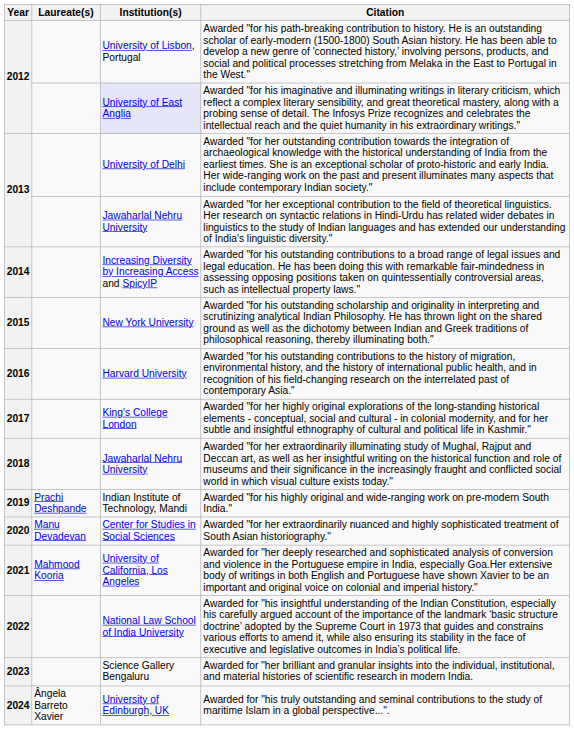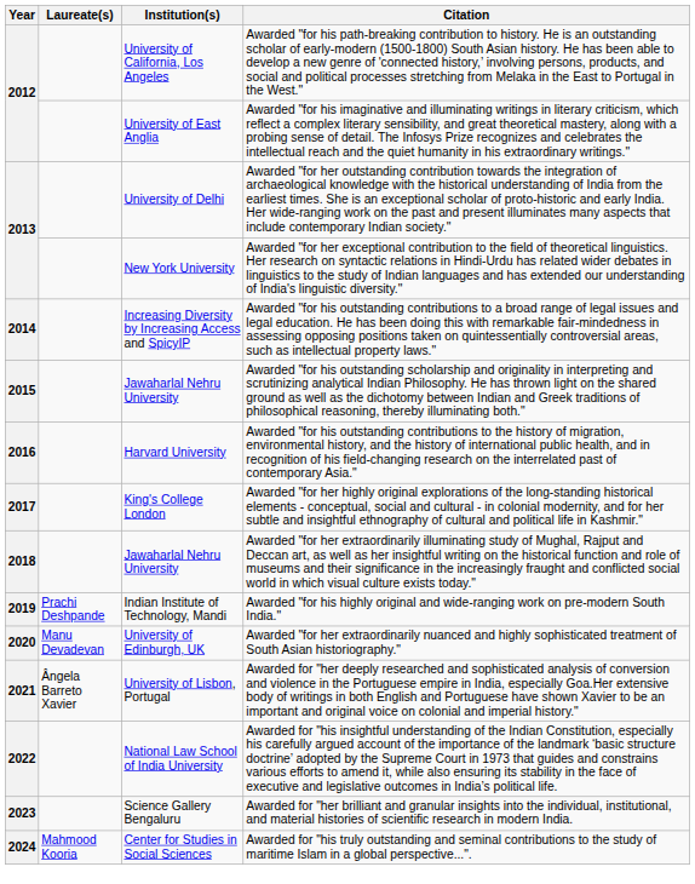 <table style="margin:auto;"  class="wikitable sortable plainrowheaders">
 <tr>
 <th scope=col>Year</th>
 <th scope=col>Laureate(s)</th>
 <th scope=col>Institution(s)</th>
 <th scope=col class=unsortable>Citation</th>
 </tr>
 <tr>
 <th scope=row rowspan="2">2012</th>
 <td></td>
-<td><a href='#'>University of Lisbon</a>, Portugal</td>
+<td><a href='#'>University of California, Los Angeles</a></td>
 <td>Awarded "for his path-breaking contribution to history. He is an outstanding scholar of early-modern (1500-1800) South Asian history. He has been able to develop a new genre of 'connected history,’ involving persons, products, and social and political processes stretching from Melaka in the East to Portugal in the West."</td>
 </tr>
 <tr>
 <td></td>
-<td style="background: lavender;"><a href='#'>University of East Anglia</a></td>
+<td><a href='#'>University of East Anglia</a></td>
 <td>Awarded "for his imaginative and illuminating writings in literary criticism, which reflect a complex literary sensibility, and great theoretical mastery, along with a probing sense of detail. The Infosys Prize recognizes and celebrates the intellectual reach and the quiet humanity in his extraordinary writings."</td>
 </tr>
 <tr>
 <th scope=row rowspan="2">2013</th>
 <td></td>
 <td><a href='#'>University of Delhi</a></td>
 <td>Awarded "for her outstanding contribution towards the integration of archaeological knowledge with the historical understanding of India from the earliest times. She is an exceptional scholar of proto-historic and early India. Her wide-ranging work on the past and present illuminates many aspects that include contemporary Indian society."</td>
 </tr>
 <tr>
 <td></td>
-<td><a href='#'>Jawaharlal Nehru University</a></td>
+<td><a href='#'>New York University</a></td>
 <td>Awarded "for her exceptional contribution to the field of theoretical linguistics. Her research on syntactic relations in Hindi-Urdu has related wider debates in linguistics to the study of Indian languages and has extended our understanding of India's linguistic diversity."</td>
 </tr>
 <tr>
 <th scope=row>2014</th>
 <td></td>
 <td><a href='#'>Increasing Diversity by Increasing Access</a> and <a href='#'>SpicyIP</a></td>
 <td>Awarded "for his outstanding contributions to a broad range of legal issues and legal education. He has been doing this with remarkable fair‑mindedness in assessing opposing positions taken on quintessentially controversial areas, such as intellectual property laws."</td>
 </tr>
 <tr>
 <th scope=row>2015</th>
 <td></td>
-<td><a href='#'>New York University</a></td>
+<td><a href='#'>Jawaharlal Nehru University</a></td>
 <td>Awarded "for his outstanding scholarship and originality in interpreting and scrutinizing analytical Indian Philosophy. He has thrown light on the shared ground as well as the dichotomy between Indian and Greek traditions of philosophical reasoning, thereby illuminating both."</td>
 </tr>
 <tr>
 <th scope=row>2016</th>
 <td></td>
 <td><a href='#'>Harvard University</a></td>
 <td>Awarded "for his outstanding contributions to the history of migration, environmental history, and the history of international public health, and in recognition of his field-changing research on the interrelated past of contemporary Asia."</td>
 </tr>
 <tr>
 <th scope=row>2017</th>
 <td></td>
 <td><a href='#'>King's College London</a></td>
 <td>Awarded "for her highly original explorations of the long-standing historical elements - conceptual, social and cultural - in colonial modernity, and for her subtle and insightful ethnography of cultural and political life in Kashmir."</td>
 </tr>
 <tr>
 <th scope=row>2018</th>
 <td></td>
 <td><a href='#'>Jawaharlal Nehru University</a></td>
 <td>Awarded "for her extraordinarily illuminating study of Mughal, Rajput and Deccan art, as well as her insightful writing on the historical function and role of museums and their significance in the increasingly fraught and conflicted social world in which visual culture exists today."</td>
 </tr>
 <tr>
 <th scope=row>2019</th>
 <td><a href='#'>Prachi Deshpande</a></td>
 <td>Indian Institute of Technology, Mandi</td>
 <td>Awarded "for his highly original and wide-ranging work on pre-modern South India."</td>
 </tr>
 <tr>
 <th scope=row>2020</th>
 <td><a href='#'>Manu Devadevan</a></td>
-<td><a href='#'>Center for Studies in Social Sciences</a></td>
+<td><a href='#'>University of Edinburgh, UK</a></td>
 <td>Awarded "for her extraordinarily nuanced and highly sophisticated treatment of South Asian historiography."</td>
 </tr>
 <tr>
 <th scope=row>2021</th>
-<td><a href='#'>Mahmood Kooria</a></td>
-<td><a href='#'>University of California, Los Angeles</a></td>
+<td>Ângela Barreto Xavier</td>
+<td><a href='#'>University of Lisbon</a>, Portugal</td>
 <td>Awarded for "her deeply researched and sophisticated analysis of conversion and violence in the Portuguese empire in India, especially Goa.Her extensive body of writings in both English and Portuguese have shown Xavier to be an important and original voice on colonial and imperial history."</td>
 </tr>
 <tr>
 <th>2022</th>
 <td></td>
 <td><a href='#'>National Law School of India University</a></td>
 <td>Awarded for "his insightful understanding of the Indian Constitution, especially his carefully argued account of the importance of the landmark ‘basic structure doctrine’ adopted by the Supreme Court in 1973 that guides and constrains various efforts to amend it, while also ensuring its stability in the face of executive and legislative outcomes in India’s political life.</td>
 </tr>
 <tr>
 <th>2023</th>
 <td></td>
 <td>Science Gallery Bengaluru</td>
 <td>Awarded for "her brilliant and granular insights into the individual, institutional, and material histories of scientific research in modern India.</td>
 </tr>
 <tr>
 <th>2024</th>
-<td>Ângela Barreto Xavier</td>
-<td><a href='#'>University of Edinburgh, UK</a></td>
+<td><a href='#'>Mahmood Kooria</a></td>
+<td><a href='#'>Center for Studies in Social Sciences</a></td>
 <td>Awarded for "his truly outstanding and seminal contributions to the study of maritime Islam in a global perspective...".</td>
 </tr>
 </table>
